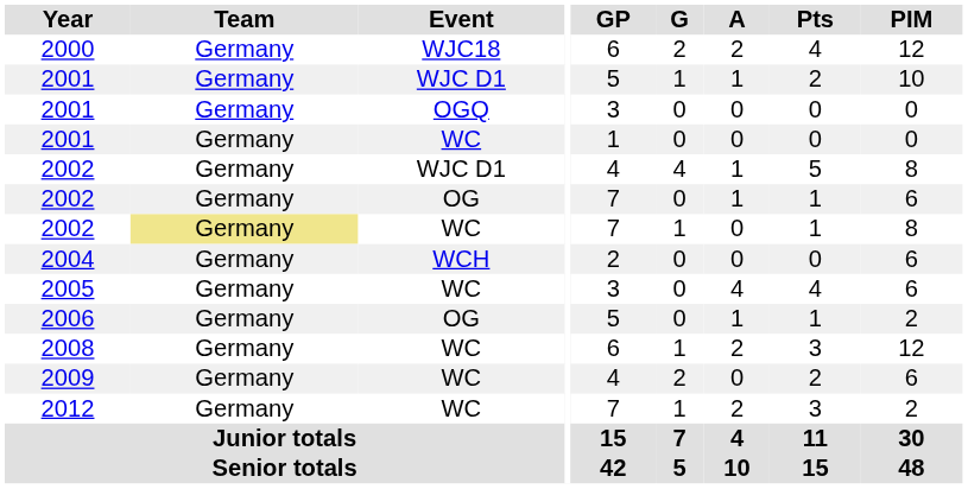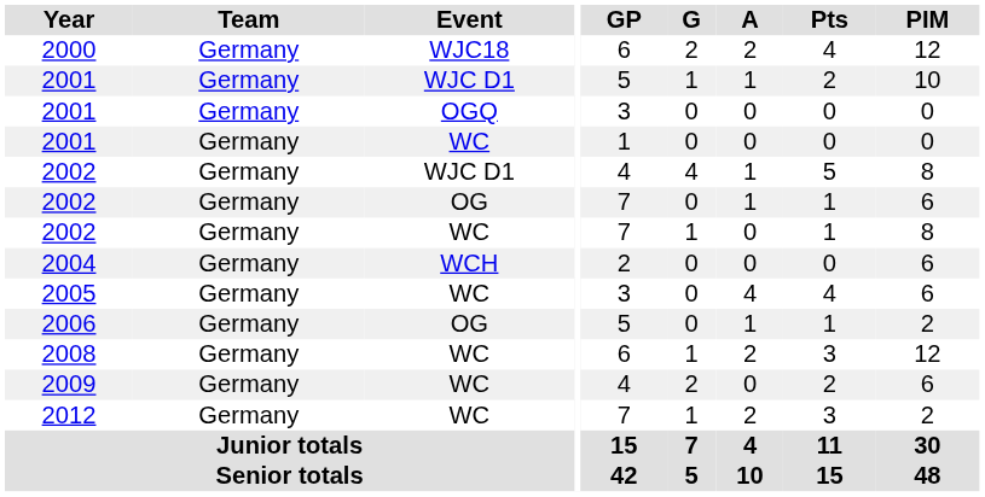 <table border="0" cellpadding="1" cellspacing="0" ID="Table3" style="text-align:center; width:40em">
 <tr ALIGN="center" bgcolor="#e0e0e0">
 <th>Year</th>
 <th>Team</th>
 <th>Event</th>
 <th rowspan="99" bgcolor="#ffffff"></th>
 <th>GP</th>
 <th>G</th>
 <th>A</th>
 <th>Pts</th>
 <th>PIM</th>
 </tr>
 <tr>
 <td><a href='#'>2000</a></td>
 <td><a href='#'>Germany</a></td>
 <td><a href='#'>WJC18</a></td>
 <td>6</td>
 <td>2</td>
 <td>2</td>
 <td>4</td>
 <td>12</td>
 </tr>
 <tr bgcolor="#f0f0f0">
 <td><a href='#'>2001</a></td>
 <td><a href='#'>Germany</a></td>
 <td><a href='#'>WJC D1</a></td>
 <td>5</td>
 <td>1</td>
 <td>1</td>
 <td>2</td>
 <td>10</td>
 </tr>
 <tr>
 <td><a href='#'>2001</a></td>
 <td><a href='#'>Germany</a></td>
 <td><a href='#'>OGQ</a></td>
 <td>3</td>
 <td>0</td>
 <td>0</td>
 <td>0</td>
 <td>0</td>
 </tr>
 <tr bgcolor="#f0f0f0">
 <td><a href='#'>2001</a></td>
 <td>Germany</td>
 <td><a href='#'>WC</a></td>
 <td>1</td>
 <td>0</td>
 <td>0</td>
 <td>0</td>
 <td>0</td>
 </tr>
 <tr>
 <td><a href='#'>2002</a></td>
 <td>Germany</td>
 <td>WJC D1</td>
 <td>4</td>
 <td>4</td>
 <td>1</td>
 <td>5</td>
 <td>8</td>
 </tr>
 <tr bgcolor="#f0f0f0">
 <td><a href='#'>2002</a></td>
 <td>Germany</td>
 <td>OG</td>
 <td>7</td>
 <td>0</td>
 <td>1</td>
 <td>1</td>
 <td>6</td>
 </tr>
 <tr>
 <td><a href='#'>2002</a></td>
-<td style="background: khaki;">Germany</td>
+<td>Germany</td>
 <td>WC</td>
 <td>7</td>
 <td>1</td>
 <td>0</td>
 <td>1</td>
 <td>8</td>
 </tr>
 <tr bgcolor="#f0f0f0">
 <td><a href='#'>2004</a></td>
 <td>Germany</td>
 <td><a href='#'>WCH</a></td>
 <td>2</td>
 <td>0</td>
 <td>0</td>
 <td>0</td>
 <td>6</td>
 </tr>
 <tr>
 <td><a href='#'>2005</a></td>
 <td>Germany</td>
 <td>WC</td>
 <td>3</td>
 <td>0</td>
 <td>4</td>
 <td>4</td>
 <td>6</td>
 </tr>
 <tr bgcolor="#f0f0f0">
 <td><a href='#'>2006</a></td>
 <td>Germany</td>
 <td>OG</td>
 <td>5</td>
 <td>0</td>
 <td>1</td>
 <td>1</td>
 <td>2</td>
 </tr>
 <tr>
 <td><a href='#'>2008</a></td>
 <td>Germany</td>
 <td>WC</td>
 <td>6</td>
 <td>1</td>
 <td>2</td>
 <td>3</td>
 <td>12</td>
 </tr>
 <tr bgcolor="#f0f0f0">
 <td><a href='#'>2009</a></td>
 <td>Germany</td>
 <td>WC</td>
 <td>4</td>
 <td>2</td>
 <td>0</td>
 <td>2</td>
 <td>6</td>
 </tr>
 <tr>
 <td><a href='#'>2012</a></td>
 <td>Germany</td>
 <td>WC</td>
 <td>7</td>
 <td>1</td>
 <td>2</td>
 <td>3</td>
 <td>2</td>
 </tr>
 <tr bgcolor="#e0e0e0">
 <th colspan="3">Junior totals</th>
 <th>15</th>
 <th>7</th>
 <th>4</th>
 <th>11</th>
 <th>30</th>
 </tr>
 <tr bgcolor="#e0e0e0">
 <th colspan="3">Senior totals</th>
 <th>42</th>
 <th>5</th>
 <th>10</th>
 <th>15</th>
 <th>48</th>
 </tr>
 </table>
